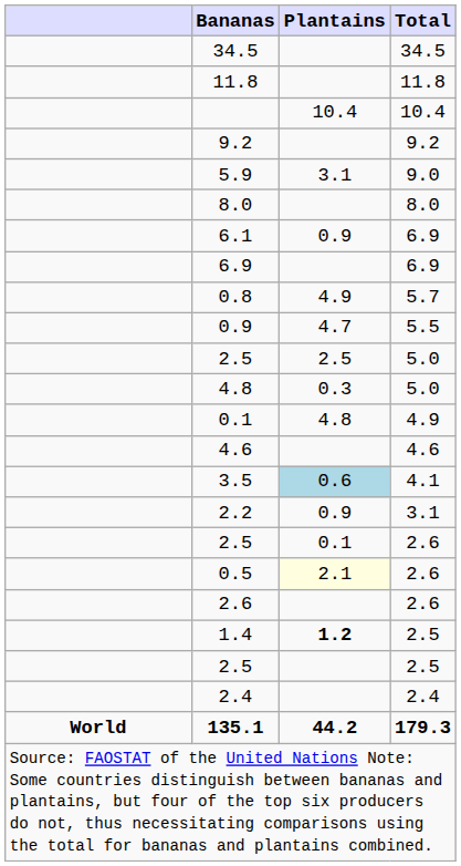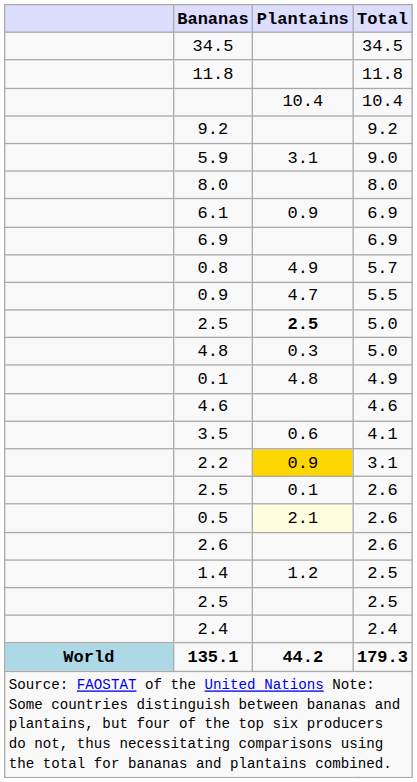 <table class="wikitable floatright" style="width:24em; margin-left: 1em;">
 <tr>
 <th style="background:#ddf; width:70%;"></th>
 <th style="background:#ddf; width:10%;">Bananas</th>
 <th style="background:#ddf; width:10%;">Plantains</th>
 <th style="background:#ddf; width:10%;">Total</th>
 </tr>
 <tr>
 <td></td>
 <td style="text-align:center;">34.5</td>
 <td> </td>
 <td style="text-align:center;">34.5</td>
 </tr>
 <tr>
 <td></td>
 <td style="text-align:center;">11.8</td>
 <td> </td>
 <td style="text-align:center;">11.8</td>
 </tr>
 <tr>
 <td></td>
 <td style="text-align:center;"></td>
 <td style="text-align:center;">10.4</td>
 <td style="text-align:center;">10.4</td>
 </tr>
 <tr>
 <td></td>
 <td style="text-align:center;">9.2</td>
 <td> </td>
 <td style="text-align:center;">9.2</td>
 </tr>
 <tr>
 <td></td>
 <td style="text-align:center;">5.9</td>
 <td style="text-align:center;">3.1</td>
 <td style="text-align:center;">9.0</td>
 </tr>
 <tr>
 <td></td>
 <td style="text-align:center;">8.0</td>
 <td style="text-align:center;"></td>
 <td style="text-align:center;">8.0</td>
 </tr>
 <tr>
 <td></td>
 <td style="text-align:center;">6.1</td>
 <td style="text-align:center;">0.9</td>
 <td style="text-align:center;">6.9</td>
 </tr>
 <tr>
 <td></td>
 <td style="text-align:center;">6.9</td>
 <td> </td>
 <td style="text-align:center;">6.9</td>
 </tr>
 <tr>
 <td></td>
 <td style="text-align:center;">0.8</td>
 <td style="text-align:center;">4.9</td>
 <td style="text-align:center;">5.7</td>
 </tr>
 <tr>
 <td></td>
 <td style="text-align:center;">0.9</td>
 <td style="text-align:center;">4.7</td>
 <td style="text-align:center;">5.5</td>
 </tr>
 <tr>
 <td></td>
 <td style="text-align:center;">2.5</td>
-<td style="text-align:center;">2.5</td>
+<td style="text-align:center;"><strong>2.5</strong></td>
 <td style="text-align:center;">5.0</td>
 </tr>
 <tr>
 <td></td>
 <td style="text-align:center;">4.8</td>
 <td style="text-align:center;">0.3</td>
 <td style="text-align:center;">5.0</td>
 </tr>
 <tr>
 <td></td>
 <td style="text-align:center;">0.1</td>
 <td style="text-align:center;">4.8</td>
 <td style="text-align:center;">4.9</td>
 </tr>
 <tr>
 <td></td>
 <td style="text-align:center;">4.6</td>
 <td> </td>
 <td style="text-align:center;">4.6</td>
 </tr>
 <tr>
 <td></td>
 <td style="text-align:center;">3.5</td>
-<td style="background: lightblue; text-align:center;">0.6</td>
+<td style="text-align:center;">0.6</td>
 <td style="text-align:center;">4.1</td>
 </tr>
 <tr>
 <td></td>
 <td style="text-align:center;">2.2</td>
-<td style="text-align:center;">0.9</td>
+<td style="background: gold; text-align:center;">0.9</td>
 <td style="text-align:center;">3.1</td>
 </tr>
 <tr>
 <td></td>
 <td style="text-align:center;">2.5</td>
 <td style="text-align:center;">0.1</td>
 <td style="text-align:center;">2.6</td>
 </tr>
 <tr>
 <td></td>
 <td style="text-align:center;">0.5</td>
 <td style="background: lightyellow; text-align:center;">2.1</td>
 <td style="text-align:center;">2.6</td>
 </tr>
 <tr>
 <td></td>
 <td style="text-align:center;">2.6</td>
 <td></td>
 <td style="text-align:center;">2.6</td>
 </tr>
 <tr>
 <td></td>
 <td style="text-align:center;">1.4</td>
-<td style="text-align:center;"><strong>1.2</strong></td>
+<td style="text-align:center;">1.2</td>
 <td style="text-align:center;">2.5</td>
 </tr>
 <tr>
 <td></td>
 <td style="text-align:center;">2.5</td>
 <td></td>
 <td style="text-align:center;">2.5</td>
 </tr>
 <tr>
 <td></td>
 <td style="text-align:center;">2.4</td>
 <td style="text-align:center;"></td>
 <td style="text-align:center;">2.4</td>
 </tr>
 <tr>
-<td style="text-align: center;"><strong>World</strong></td>
+<td style="background: lightblue; text-align: center;"><strong>World</strong></td>
 <td style="text-align:center;"><strong>135.1</strong></td>
 <td style="text-align:center;"><strong>44.2</strong></td>
 <td style="text-align:center;"><strong>179.3</strong></td>
 </tr>
 <tr>
 <td colspan=4><small>Source: <a href='#'>FAOSTAT</a> of the <a href='#'>United Nations</a> Note: Some countries distinguish between bananas and plantains, but four of the top six producers do not, thus necessitating comparisons using the total for bananas and plantains combined.</small></td>
 </tr>
 </table>
